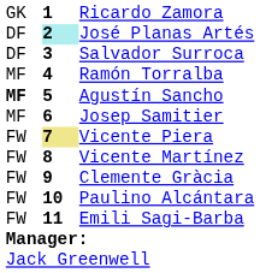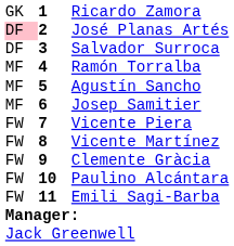 <table style="font-size:90%; margin:0.2em auto;" cellspacing="0" cellpadding="0">
 <tr>
 <th width="25"></th>
 <th width="25"></th>
 </tr>
 <tr>
 <td>GK</td>
 <td><strong>1</strong></td>
 <td> <a href='#'>Ricardo Zamora</a></td>
 </tr>
 <tr>
-<td>DF</td>
-<td style="background: paleturquoise;"><strong>2</strong></td>
+<td style="background: pink;">DF</td>
+<td><strong>2</strong></td>
 <td> <a href='#'>José Planas Artés</a></td>
 </tr>
 <tr>
 <td>DF</td>
 <td><strong>3</strong></td>
 <td> <a href='#'>Salvador Surroca</a></td>
 </tr>
 <tr>
 <td>MF</td>
 <td><strong>4</strong></td>
 <td> <a href='#'>Ramón Torralba</a></td>
 </tr>
 <tr>
-<td><strong>MF</strong></td>
+<td>MF</td>
 <td><strong>5</strong></td>
 <td> <a href='#'>Agustín Sancho</a></td>
 </tr>
 <tr>
 <td>MF</td>
 <td><strong>6</strong></td>
 <td> <a href='#'>Josep Samitier</a></td>
 </tr>
 <tr>
 <td>FW</td>
-<td style="background: khaki;"><strong>7</strong></td>
+<td><strong>7</strong></td>
 <td> <a href='#'>Vicente Piera</a></td>
 </tr>
 <tr>
 <td>FW</td>
 <td><strong>8</strong></td>
 <td> <a href='#'>Vicente Martínez</a></td>
 </tr>
 <tr>
 <td>FW</td>
 <td><strong>9</strong></td>
 <td> <a href='#'>Clemente Gràcia</a></td>
 </tr>
 <tr>
 <td>FW</td>
 <td><strong>10</strong></td>
 <td> <a href='#'>Paulino Alcántara</a></td>
 </tr>
 <tr>
 <td>FW</td>
 <td><strong>11</strong></td>
 <td> <a href='#'>Emili Sagi-Barba</a></td>
 </tr>
 <tr>
 <td colspan=3><strong>Manager:</strong></td>
 </tr>
 <tr>
 <td colspan=4> <a href='#'>Jack Greenwell</a></td>
 </tr>
 </table>
